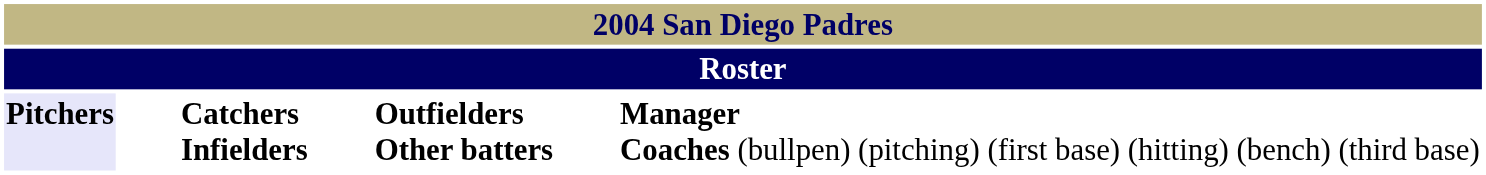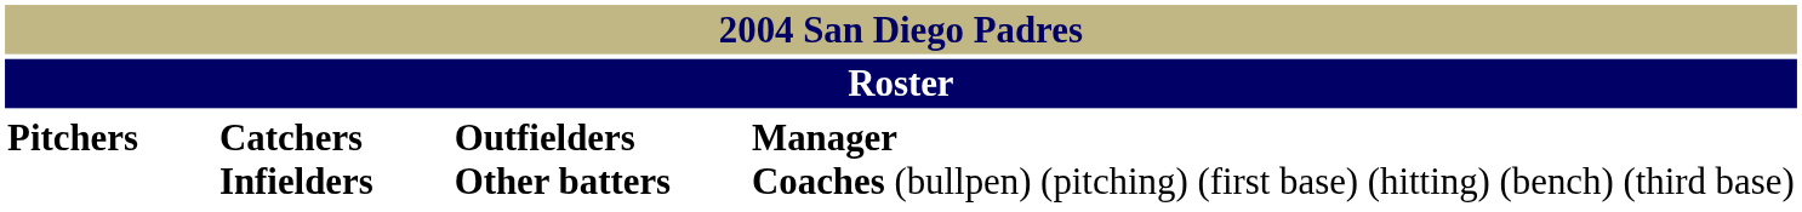 <table class="toccolours" style="font-size: 95%;">
 <tr>
 <th colspan="10" style="background-color: #C1B784; color: #000066; text-align: center;">2004 San Diego Padres</th>
 </tr>
 <tr>
 <td colspan="10" style="background-color: #000066; color: #FFFFFF; text-align: center;"><strong>Roster</strong></td>
 </tr>
 <tr>
-<td valign="top" style="background: lavender;"><strong>Pitchers</strong><br>                       </td>
+<td valign="top"><strong>Pitchers</strong><br>                       </td>
 <td width="25px"></td>
 <td valign="top"><strong>Catchers</strong><br>   <strong>Infielders</strong>          </td>
 <td width="25px"></td>
 <td valign="top"><strong>Outfielders</strong><br>         <strong>Other batters</strong> </td>
 <td width="25px"></td>
 <td valign="top"><strong>Manager</strong><br> <strong>Coaches</strong>  (bullpen)  (pitching)  (first base)  (hitting)  (bench)   (third base)</td>
 </tr>
 </table>
